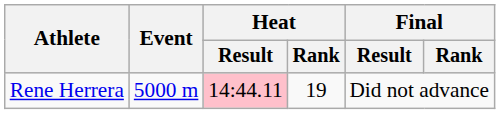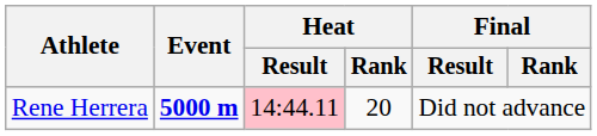 <table class="wikitable" style="font-size:90%">
 <tr>
 <th rowspan="2">Athlete</th>
 <th rowspan="2">Event</th>
 <th colspan="2">Heat</th>
 <th colspan="2">Final</th>
 </tr>
 <tr style="font-size:95%">
 <th>Result</th>
 <th>Rank</th>
 <th>Result</th>
 <th>Rank</th>
 </tr>
 <tr align=center>
 <td align=left><a href='#'>Rene Herrera</a></td>
-<td align=left><a href='#'>5000 m</a></td>
+<td align=left><strong><a href='#'>5000 m</a></strong></td>
 <td style="background: pink;">14:44.11</td>
-<td>19</td>
+<td>20</td>
 <td colspan=2>Did not advance</td>
 </tr>
 </table>
